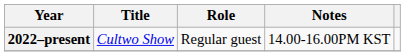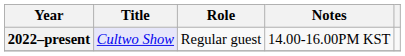 <table class="wikitable plainrowheaders">
 <tr>
 <th scope="col">Year</th>
 <th scope="col">Title</th>
 <th scope="col">Role</th>
 <th scope="col">Notes</th>
 <th scope="col" class="unsortable"></th>
 </tr>
 <tr>
 <th scope="row">2022–present</th>
-<td><em><a href='#'>Cultwo Show</a></em></td>
+<td style="background: lavender;"><em><a href='#'>Cultwo Show</a></em></td>
 <td>Regular guest</td>
 <td>14.00-16.00PM KST</td>
 <td></td>
 </tr>
 <tr>
 </tr>
 </table>
